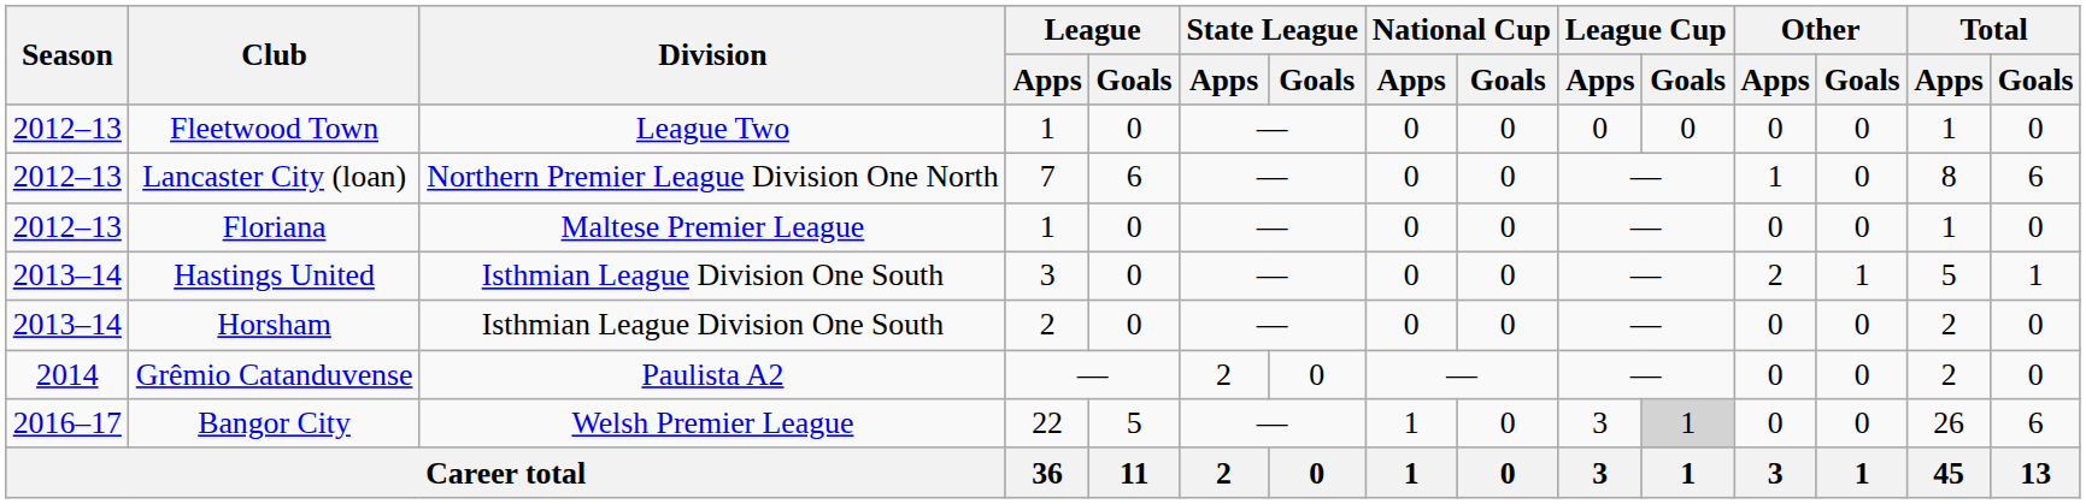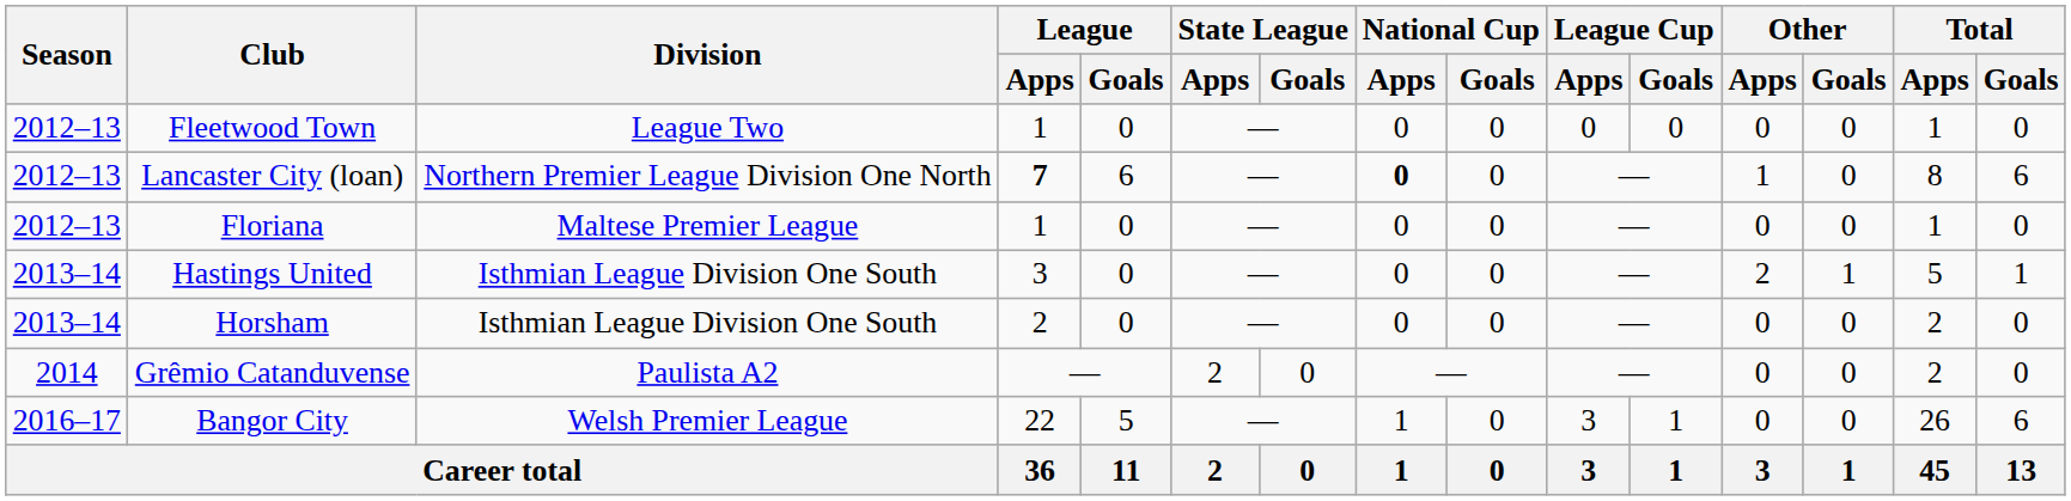 <table class="wikitable" style="text-align:center;">
 <tr>
 <th rowspan="2">Season</th>
 <th rowspan="2">Club</th>
 <th rowspan="2">Division</th>
 <th colspan="2">League</th>
 <th colspan="2">State League</th>
 <th colspan="2">National Cup</th>
 <th colspan="2">League Cup</th>
 <th colspan="2">Other</th>
 <th colspan="2">Total</th>
 </tr>
 <tr>
 <th>Apps</th>
 <th>Goals</th>
 <th>Apps</th>
 <th>Goals</th>
 <th>Apps</th>
 <th>Goals</th>
 <th>Apps</th>
 <th>Goals</th>
 <th>Apps</th>
 <th>Goals</th>
 <th>Apps</th>
 <th>Goals</th>
 </tr>
 <tr>
 <td><a href='#'>2012–13</a></td>
 <td><a href='#'>Fleetwood Town</a></td>
 <td><a href='#'>League Two</a></td>
 <td>1</td>
 <td>0</td>
 <td colspan="2">—</td>
 <td>0</td>
 <td>0</td>
 <td>0</td>
 <td>0</td>
 <td>0</td>
 <td>0</td>
 <td>1</td>
 <td>0</td>
 </tr>
 <tr>
 <td><a href='#'>2012–13</a></td>
 <td><a href='#'>Lancaster City</a> (loan)</td>
 <td><a href='#'>Northern Premier League</a> Division One North</td>
-<td>7</td>
+<td><strong>7</strong></td>
 <td>6</td>
 <td colspan="2">—</td>
-<td>0</td>
+<td><strong>0</strong></td>
 <td>0</td>
 <td colspan="2">—</td>
 <td>1</td>
 <td>0</td>
 <td>8</td>
 <td>6</td>
 </tr>
 <tr>
 <td><a href='#'>2012–13</a></td>
 <td><a href='#'>Floriana</a></td>
 <td><a href='#'>Maltese Premier League</a></td>
 <td>1</td>
 <td>0</td>
 <td colspan="2">—</td>
 <td>0</td>
 <td>0</td>
 <td colspan="2">—</td>
 <td>0</td>
 <td>0</td>
 <td>1</td>
 <td>0</td>
 </tr>
 <tr>
 <td><a href='#'>2013–14</a></td>
 <td><a href='#'>Hastings United</a></td>
 <td><a href='#'>Isthmian League</a> Division One South</td>
 <td>3</td>
 <td>0</td>
 <td colspan="2">—</td>
 <td>0</td>
 <td>0</td>
 <td colspan="2">—</td>
 <td>2</td>
 <td>1</td>
 <td>5</td>
 <td>1</td>
 </tr>
 <tr>
 <td><a href='#'>2013–14</a></td>
 <td><a href='#'>Horsham</a></td>
 <td>Isthmian League Division One South</td>
 <td>2</td>
 <td>0</td>
 <td colspan="2">—</td>
 <td>0</td>
 <td>0</td>
 <td colspan="2">—</td>
 <td>0</td>
 <td>0</td>
 <td>2</td>
 <td>0</td>
 </tr>
 <tr>
 <td><a href='#'>2014</a></td>
 <td><a href='#'>Grêmio Catanduvense</a></td>
 <td><a href='#'>Paulista A2</a></td>
 <td colspan="2">—</td>
 <td>2</td>
 <td>0</td>
 <td colspan="2">—</td>
 <td colspan="2">—</td>
 <td>0</td>
 <td>0</td>
 <td>2</td>
 <td>0</td>
 </tr>
 <tr>
 <td><a href='#'>2016–17</a></td>
 <td><a href='#'>Bangor City</a></td>
 <td><a href='#'>Welsh Premier League</a></td>
 <td>22</td>
 <td>5</td>
 <td colspan="2">—</td>
 <td>1</td>
 <td>0</td>
 <td>3</td>
-<td style="background: lightgrey;">1</td>
+<td>1</td>
 <td>0</td>
 <td>0</td>
 <td>26</td>
 <td>6</td>
 </tr>
 <tr>
 <th colspan="3">Career total</th>
 <th>36</th>
 <th>11</th>
 <th>2</th>
 <th>0</th>
 <th>1</th>
 <th>0</th>
 <th>3</th>
 <th>1</th>
 <th>3</th>
 <th>1</th>
 <th>45</th>
 <th>13</th>
 </tr>
 </table>
